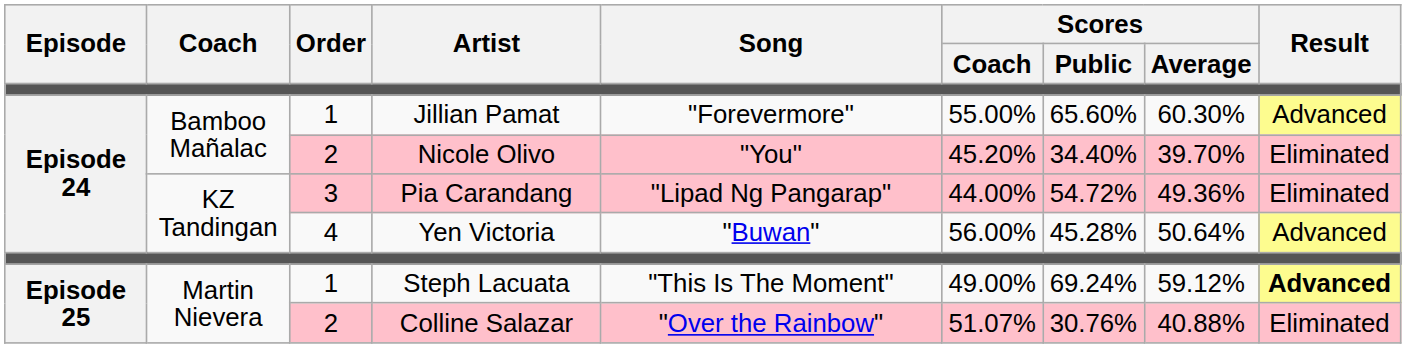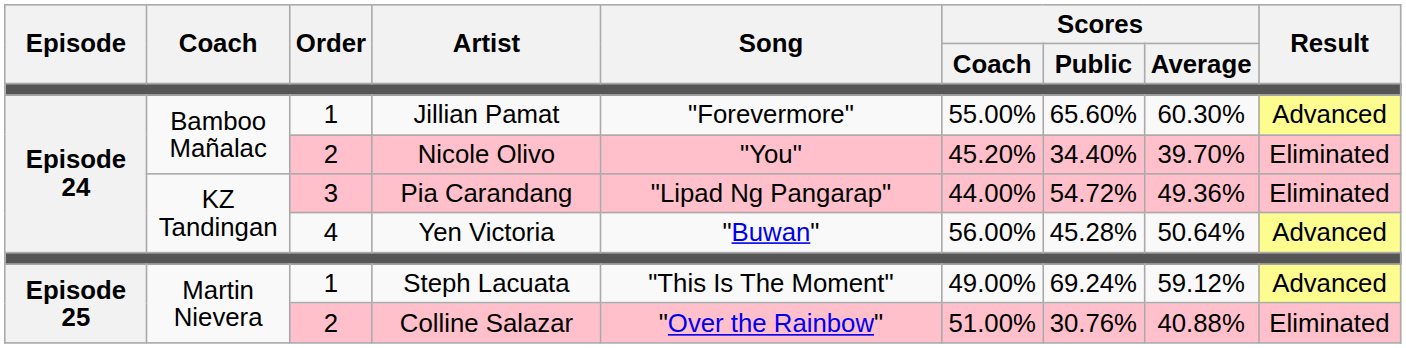 <table class="wikitable" style="text-align:center; line-height:17px;">
 <tr>
 <th rowspan="2" width="10%">Episode</th>
 <th rowspan="2" width="10%">Coach</th>
 <th rowspan="2" width="05%">Order</th>
 <th rowspan="2" width="16%">Artist</th>
 <th rowspan="2" width="24%">Song</th>
 <th colspan="3" width="21%">Scores</th>
 <th rowspan="2" width="10%">Result</th>
 </tr>
 <tr>
 <th width="07%">Coach</th>
 <th width="07%">Public</th>
 <th width="07%">Average</th>
 </tr>
 <tr>
 <td colspan="9" style="background:#555;"></td>
 </tr>
 <tr>
 <th rowspan="4">Episode 24<br><small></small></th>
 <td rowspan=2>Bamboo Mañalac</td>
 <td>1</td>
 <td>Jillian Pamat</td>
 <td>"Forevermore"</td>
 <td>55.00%</td>
 <td>65.60%</td>
 <td>60.30%</td>
 <td style="background:#fdfc8f;">Advanced</td>
 </tr>
 <tr>
 <td style="background:pink;">2</td>
 <td style="background:pink;">Nicole Olivo</td>
 <td style="background:pink;">"You"</td>
 <td style="background:pink;">45.20%</td>
 <td style="background:pink;">34.40%</td>
 <td style="background:pink;">39.70%</td>
 <td style="background:pink;">Eliminated</td>
 </tr>
 <tr>
 <td rowspan=2>KZ Tandingan</td>
 <td style="background:pink;">3</td>
 <td style="background:pink;">Pia Carandang</td>
 <td style="background:pink;">"Lipad Ng Pangarap"</td>
 <td style="background:pink;">44.00%</td>
 <td style="background:pink;">54.72%</td>
 <td style="background:pink;">49.36%</td>
 <td style="background:pink;">Eliminated</td>
 </tr>
 <tr>
 <td>4</td>
 <td>Yen Victoria</td>
 <td>"<a href='#'>Buwan</a>"</td>
 <td>56.00%</td>
 <td>45.28%</td>
 <td>50.64%</td>
 <td style="background:#fdfc8f;">Advanced</td>
 </tr>
 <tr>
 <td colspan="9" style="background:#555;"></td>
 </tr>
 <tr>
 <th rowspan="2">Episode 25<br><small></small></th>
 <td rowspan=2>Martin Nievera</td>
 <td>1</td>
 <td>Steph Lacuata</td>
 <td>"This Is The Moment"</td>
 <td>49.00%</td>
 <td>69.24%</td>
 <td>59.12%</td>
-<td style="background:#fdfc8f;"><strong>Advanced</strong></td>
+<td style="background:#fdfc8f;">Advanced</td>
 </tr>
 <tr>
 <td style="background:pink;">2</td>
 <td style="background:pink;">Colline Salazar</td>
 <td style="background:pink;">"<a href='#'>Over the Rainbow</a>"</td>
-<td style="background:pink;">51.07%</td>
+<td style="background:pink;">51.00%</td>
 <td style="background:pink;">30.76%</td>
 <td style="background:pink;">40.88%</td>
 <td style="background:pink;">Eliminated</td>
 </tr>
 </table>
